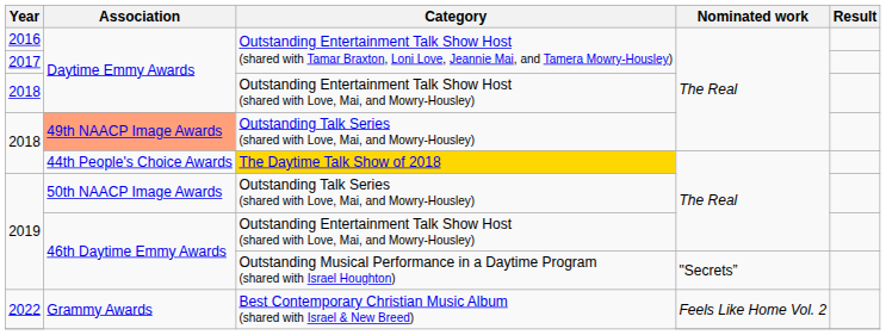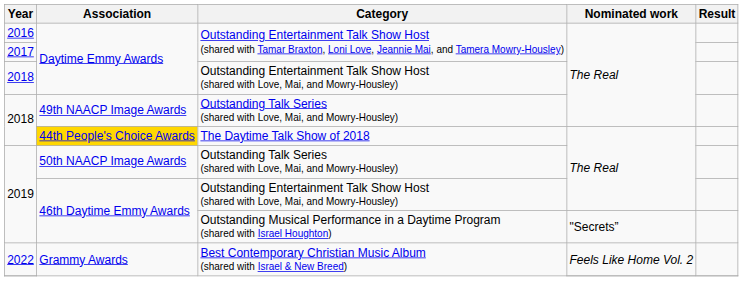 <table class="wikitable">
 <tr>
 <th>Year</th>
 <th>Association</th>
 <th>Category</th>
 <th>Nominated work</th>
 <th>Result</th>
 </tr>
 <tr>
 <td><a href='#'>2016</a></td>
 <td rowspan=3><a href='#'>Daytime Emmy Awards</a></td>
 <td rowspan=2><a href='#'>Outstanding Entertainment Talk Show Host</a><br><small>(shared with <a href='#'>Tamar Braxton</a>, <a href='#'>Loni Love</a>, <a href='#'>Jeannie Mai</a>, and <a href='#'>Tamera Mowry-Housley</a>)</small></td>
 <td rowspan=4><em>The Real</em></td>
 <td></td>
 </tr>
 <tr>
 <td><a href='#'>2017</a></td>
 <td></td>
 </tr>
 <tr>
 <td><a href='#'>2018</a></td>
 <td>Outstanding Entertainment Talk Show Host<br><small>(shared with Love, Mai, and Mowry-Housley)</small></td>
 <td></td>
 </tr>
 <tr>
 <td rowspan="2">2018</td>
-<td style="background: lightsalmon;"><a href='#'>49th NAACP Image Awards</a></td>
+<td><a href='#'>49th NAACP Image Awards</a></td>
 <td><a href='#'>Outstanding Talk Series</a><br><small>(shared with Love, Mai, and Mowry-Housley)</small></td>
 <td></td>
 </tr>
 <tr>
-<td><a href='#'>44th People's Choice Awards</a></td>
-<td style="background: gold;"><a href='#'>The Daytime Talk Show of 2018</a></td>
+<td style="background: gold;"><a href='#'>44th People's Choice Awards</a></td>
+<td><a href='#'>The Daytime Talk Show of 2018</a></td>
 <td rowspan=3><em>The Real</em></td>
 <td></td>
 </tr>
 <tr>
 <td rowspan="3">2019</td>
 <td><a href='#'>50th NAACP Image Awards</a></td>
 <td>Outstanding Talk Series<br><small>(shared with Love, Mai, and Mowry-Housley)</small></td>
 <td></td>
 </tr>
 <tr>
 <td rowspan="2"><a href='#'>46th Daytime Emmy Awards</a></td>
 <td>Outstanding Entertainment Talk Show Host<br><small>(shared with Love, Mai, and Mowry-Housley)</small></td>
 <td></td>
 </tr>
 <tr>
 <td>Outstanding Musical Performance in a Daytime Program<br><small>(shared with <a href='#'>Israel Houghton</a>)</small></td>
 <td>"Secrets”</td>
 <td></td>
 </tr>
 <tr>
 <td><a href='#'>2022</a></td>
 <td rowspan=3><a href='#'>Grammy Awards</a></td>
 <td rowspan=2><a href='#'>Best Contemporary Christian Music Album</a><br><small>(shared with <a href='#'>Israel & New Breed</a>)</small></td>
 <td><em>Feels Like Home Vol. 2</em></td>
 <td></td>
 </tr>
 <tr>
 </tr>
 </table>
